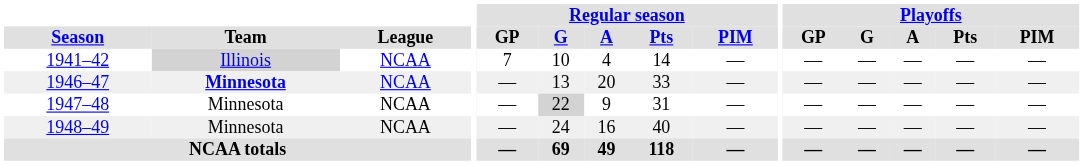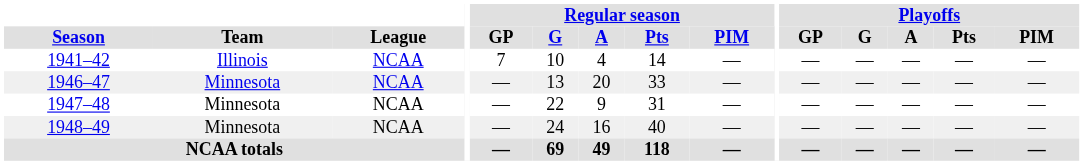 <table border="0" cellpadding="1" cellspacing="0" style="text-align:center; width:60em">
 <tr bgcolor="#e0e0e0">
 <th colspan="3" bgcolor="#ffffff"></th>
 <th rowspan="99" bgcolor="#ffffff"></th>
 <th colspan="5"><a href='#'>Regular season</a></th>
 <th rowspan="99" bgcolor="#ffffff"></th>
 <th colspan="5"><a href='#'>Playoffs</a></th>
 </tr>
 <tr bgcolor="#e0e0e0">
 <th><a href='#'>Season</a></th>
 <th>Team</th>
 <th>League</th>
 <th>GP</th>
 <th><a href='#'>G</a></th>
 <th><a href='#'>A</a></th>
 <th><a href='#'>Pts</a></th>
 <th><a href='#'>PIM</a></th>
 <th>GP</th>
 <th>G</th>
 <th>A</th>
 <th>Pts</th>
 <th>PIM</th>
 </tr>
 <tr>
 <td><a href='#'>1941–42</a></td>
-<td style="background: lightgrey;"><a href='#'>Illinois</a></td>
+<td><a href='#'>Illinois</a></td>
 <td><a href='#'>NCAA</a></td>
 <td>7</td>
 <td>10</td>
 <td>4</td>
 <td>14</td>
 <td>—</td>
 <td>—</td>
 <td>—</td>
 <td>—</td>
 <td>—</td>
 <td>—</td>
 </tr>
 <tr bgcolor="#f0f0f0">
 <td><a href='#'>1946–47</a></td>
-<td><strong><a href='#'>Minnesota</a></strong></td>
+<td><a href='#'>Minnesota</a></td>
 <td><a href='#'>NCAA</a></td>
 <td>—</td>
 <td>13</td>
 <td>20</td>
 <td>33</td>
 <td>—</td>
 <td>—</td>
 <td>—</td>
 <td>—</td>
 <td>—</td>
 <td>—</td>
 </tr>
 <tr>
 <td><a href='#'>1947–48</a></td>
 <td>Minnesota</td>
 <td>NCAA</td>
 <td>—</td>
-<td style="background: lightgrey;">22</td>
+<td>22</td>
 <td>9</td>
 <td>31</td>
 <td>—</td>
 <td>—</td>
 <td>—</td>
 <td>—</td>
 <td>—</td>
 <td>—</td>
 </tr>
 <tr bgcolor="#f0f0f0">
 <td><a href='#'>1948–49</a></td>
 <td>Minnesota</td>
 <td>NCAA</td>
 <td>—</td>
 <td>24</td>
 <td>16</td>
 <td>40</td>
 <td>—</td>
 <td>—</td>
 <td>—</td>
 <td>—</td>
 <td>—</td>
 <td>—</td>
 </tr>
 <tr bgcolor="#e0e0e0">
 <th colspan="3">NCAA totals</th>
 <th>—</th>
 <th>69</th>
 <th>49</th>
 <th>118</th>
 <th>—</th>
 <th>—</th>
 <th>—</th>
 <th>—</th>
 <th>—</th>
 <th>—</th>
 </tr>
 </table>
